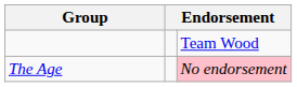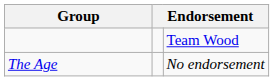 <table class="wikitable sortable right">
 <tr>
 <th style="width:150px;">Group</th>
 <th colspan=2>Endorsement</th>
 </tr>
 <tr>
 <td></td>
 <td width="3pt" > </td>
 <td><a href='#'>Team Wood</a></td>
 </tr>
 <tr>
 <td><em><a href='#'>The Age</a></em></td>
 <td width="3pt" > </td>
-<td style="background: pink;"><em>No endorsement</em></td>
+<td><em>No endorsement</em></td>
 </tr>
 </table>
